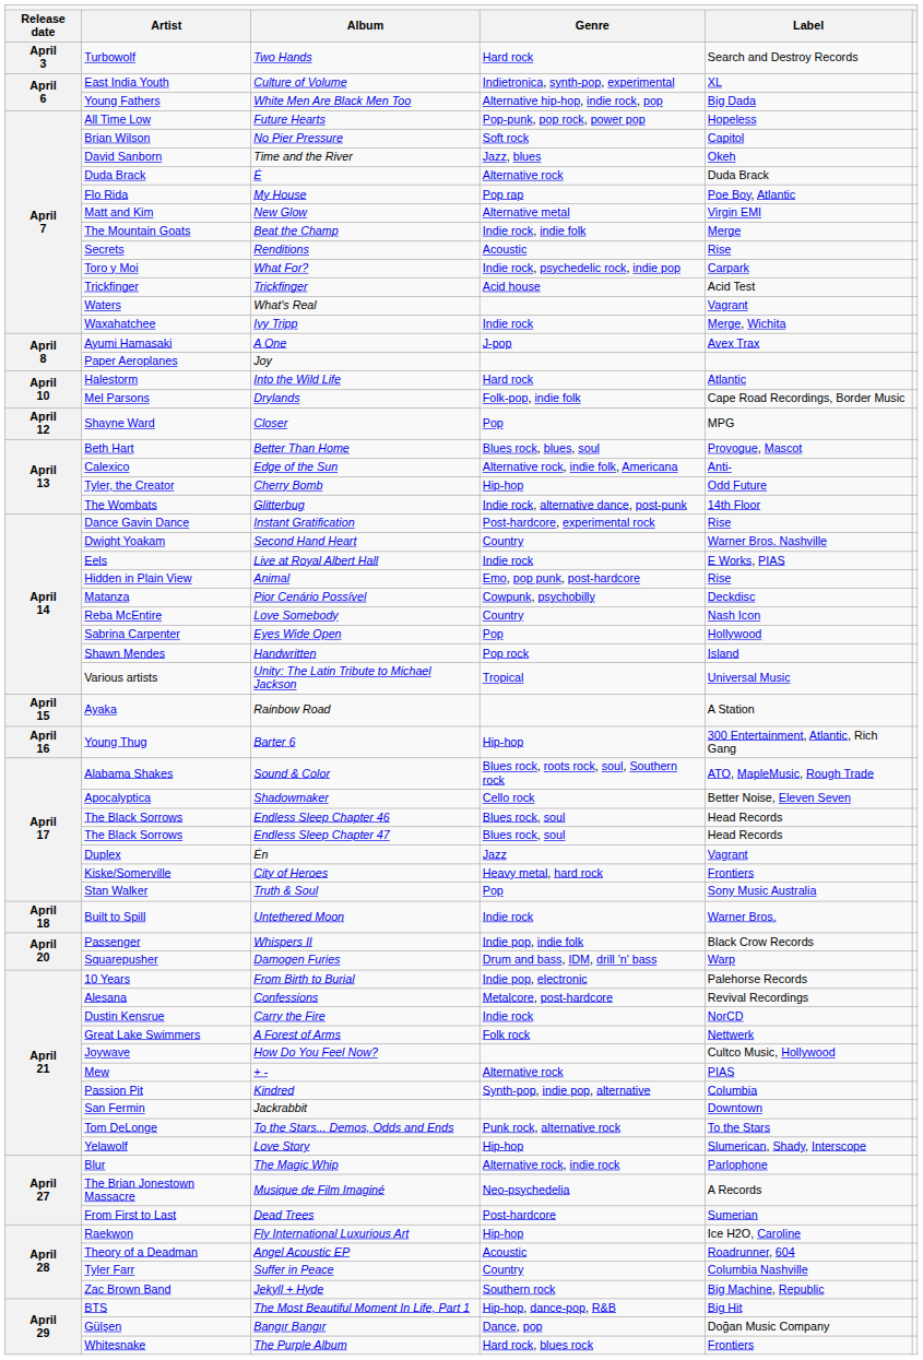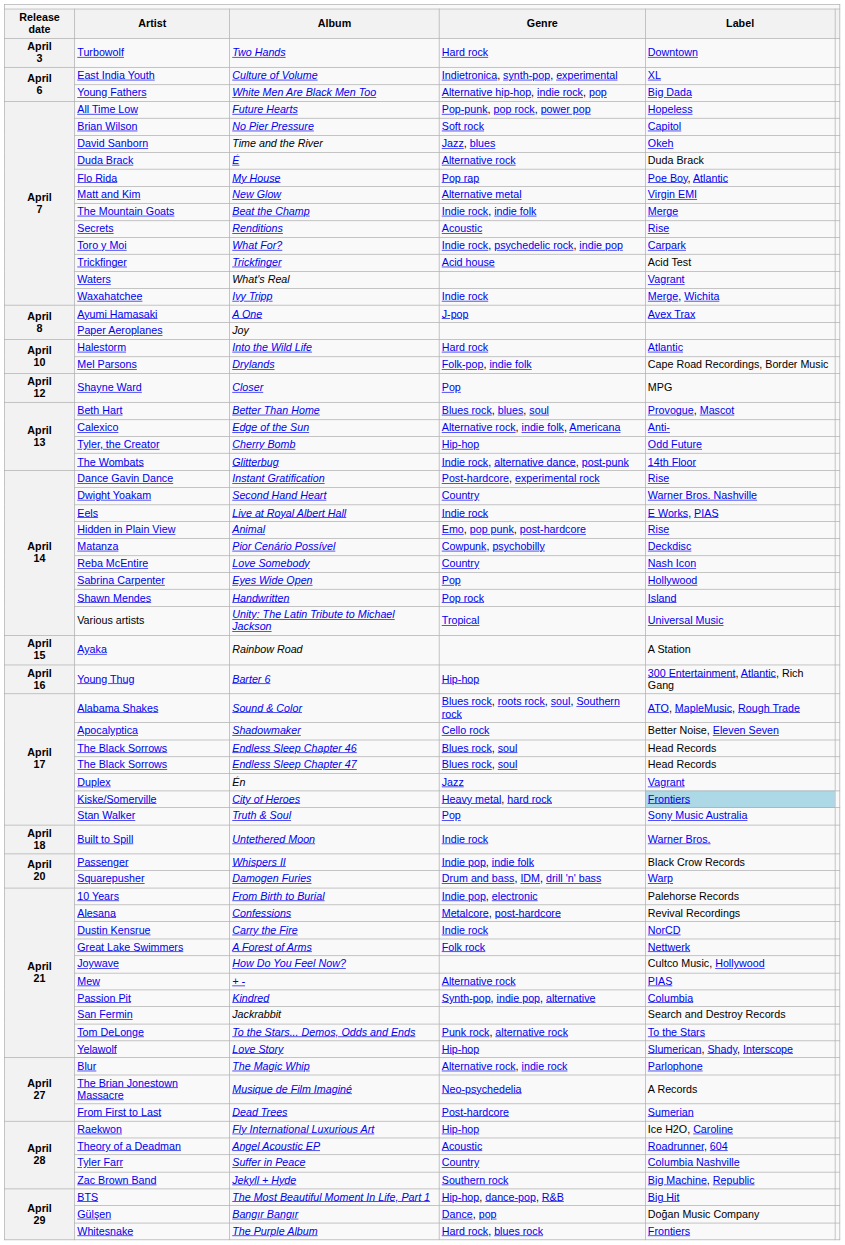 <table class="wikitable plainrowheaders">
 <tr>
 <td colspan="6" style="text-align:center;"></td>
 </tr>
 <tr>
 <th scope="col">Release date</th>
 <th scope="col">Artist</th>
 <th scope="col">Album</th>
 <th scope="col">Genre</th>
 <th scope="col">Label</th>
 <th scope="col"></th>
 </tr>
 <tr>
 <th scope="row" style="text-align:center;">April<br>3</th>
 <td><a href='#'>Turbowolf</a></td>
 <td><em><a href='#'>Two Hands</a></em></td>
 <td><a href='#'>Hard rock</a></td>
-<td>Search and Destroy Records</td>
+<td><a href='#'>Downtown</a></td>
 <td></td>
 </tr>
 <tr>
 <th scope="row" rowspan="2" style="text-align:center;">April<br>6</th>
 <td><a href='#'>East India Youth</a></td>
 <td><em><a href='#'>Culture of Volume</a></em></td>
 <td><a href='#'>Indietronica</a>, <a href='#'>synth-pop</a>, <a href='#'>experimental</a></td>
 <td><a href='#'>XL</a></td>
 <td></td>
 </tr>
 <tr>
 <td><a href='#'>Young Fathers</a></td>
 <td><em><a href='#'>White Men Are Black Men Too</a></em></td>
 <td><a href='#'>Alternative hip-hop</a>, <a href='#'>indie rock</a>, <a href='#'>pop</a></td>
 <td><a href='#'>Big Dada</a></td>
 <td></td>
 </tr>
 <tr>
 <th scope="row" rowspan="12" style="text-align:center;">April<br>7</th>
 <td><a href='#'>All Time Low</a></td>
 <td><em><a href='#'>Future Hearts</a></em></td>
 <td><a href='#'>Pop-punk</a>, <a href='#'>pop rock</a>, <a href='#'>power pop</a></td>
 <td><a href='#'>Hopeless</a></td>
 <td></td>
 </tr>
 <tr>
 <td><a href='#'>Brian Wilson</a></td>
 <td><em><a href='#'>No Pier Pressure</a></em></td>
 <td><a href='#'>Soft rock</a></td>
 <td><a href='#'>Capitol</a></td>
 <td></td>
 </tr>
 <tr>
 <td><a href='#'>David Sanborn</a></td>
 <td><em>Time and the River</em></td>
 <td><a href='#'>Jazz</a>, <a href='#'>blues</a></td>
 <td><a href='#'>Okeh</a></td>
 <td></td>
 </tr>
 <tr>
 <td><a href='#'>Duda Brack</a></td>
 <td><em><a href='#'>É</a></em></td>
 <td><a href='#'>Alternative rock</a></td>
 <td>Duda Brack</td>
 <td></td>
 </tr>
 <tr>
 <td><a href='#'>Flo Rida</a></td>
 <td><em><a href='#'>My House</a></em></td>
 <td><a href='#'>Pop rap</a></td>
 <td><a href='#'>Poe Boy</a>, <a href='#'>Atlantic</a></td>
 <td></td>
 </tr>
 <tr>
 <td><a href='#'>Matt and Kim</a></td>
 <td><em><a href='#'>New Glow</a></em></td>
 <td><a href='#'>Alternative metal</a></td>
 <td><a href='#'>Virgin EMI</a></td>
 <td></td>
 </tr>
 <tr>
 <td><a href='#'>The Mountain Goats</a></td>
 <td><em><a href='#'>Beat the Champ</a></em></td>
 <td><a href='#'>Indie rock</a>, <a href='#'>indie folk</a></td>
 <td><a href='#'>Merge</a></td>
 <td></td>
 </tr>
 <tr>
 <td><a href='#'>Secrets</a></td>
 <td><em><a href='#'>Renditions</a></em></td>
 <td><a href='#'>Acoustic</a></td>
 <td><a href='#'>Rise</a></td>
 <td></td>
 </tr>
 <tr>
 <td><a href='#'>Toro y Moi</a></td>
 <td><em><a href='#'>What For?</a></em></td>
 <td><a href='#'>Indie rock</a>, <a href='#'>psychedelic rock</a>, <a href='#'>indie pop</a></td>
 <td><a href='#'>Carpark</a></td>
 <td></td>
 </tr>
 <tr>
 <td><a href='#'>Trickfinger</a></td>
 <td><em><a href='#'>Trickfinger</a></em></td>
 <td><a href='#'>Acid house</a></td>
 <td>Acid Test</td>
 <td></td>
 </tr>
 <tr>
 <td><a href='#'>Waters</a></td>
 <td><em>What's Real</em></td>
 <td></td>
 <td><a href='#'>Vagrant</a></td>
 <td></td>
 </tr>
 <tr>
 <td><a href='#'>Waxahatchee</a></td>
 <td><em><a href='#'>Ivy Tripp</a></em></td>
 <td><a href='#'>Indie rock</a></td>
 <td><a href='#'>Merge</a>, <a href='#'>Wichita</a></td>
 <td></td>
 </tr>
 <tr>
 <th scope="row" rowspan="2" style="text-align:center;">April<br>8</th>
 <td><a href='#'>Ayumi Hamasaki</a></td>
 <td><em><a href='#'>A One</a></em></td>
 <td><a href='#'>J-pop</a></td>
 <td><a href='#'>Avex Trax</a></td>
 <td></td>
 </tr>
 <tr>
 <td><a href='#'>Paper Aeroplanes</a></td>
 <td><em>Joy</em></td>
 <td></td>
 <td></td>
 <td></td>
 </tr>
 <tr>
 <th scope="row" rowspan="2" style="text-align:center;">April<br>10</th>
 <td><a href='#'>Halestorm</a></td>
 <td><em><a href='#'>Into the Wild Life</a></em></td>
 <td><a href='#'>Hard rock</a></td>
 <td><a href='#'>Atlantic</a></td>
 <td></td>
 </tr>
 <tr>
 <td><a href='#'>Mel Parsons</a></td>
 <td><em><a href='#'>Drylands</a></em></td>
 <td><a href='#'>Folk-pop</a>, <a href='#'>indie folk</a></td>
 <td>Cape Road Recordings, Border Music</td>
 <td></td>
 </tr>
 <tr>
 <th scope="row" style="text-align:center;">April<br>12</th>
 <td><a href='#'>Shayne Ward</a></td>
 <td><em><a href='#'>Closer</a></em></td>
 <td><a href='#'>Pop</a></td>
 <td>MPG</td>
 <td></td>
 </tr>
 <tr>
 <th scope="row" rowspan="4" style="text-align:center;">April<br>13</th>
 <td><a href='#'>Beth Hart</a></td>
 <td><em><a href='#'>Better Than Home</a></em></td>
 <td><a href='#'>Blues rock</a>, <a href='#'>blues</a>, <a href='#'>soul</a></td>
 <td><a href='#'>Provogue</a>, <a href='#'>Mascot</a></td>
 <td></td>
 </tr>
 <tr>
 <td><a href='#'>Calexico</a></td>
 <td><em><a href='#'>Edge of the Sun</a></em></td>
 <td><a href='#'>Alternative rock</a>, <a href='#'>indie folk</a>, <a href='#'>Americana</a></td>
 <td><a href='#'>Anti-</a></td>
 <td></td>
 </tr>
 <tr>
 <td><a href='#'>Tyler, the Creator</a></td>
 <td><em><a href='#'>Cherry Bomb</a></em></td>
 <td><a href='#'>Hip-hop</a></td>
 <td><a href='#'>Odd Future</a></td>
 <td></td>
 </tr>
 <tr>
 <td><a href='#'>The Wombats</a></td>
 <td><em><a href='#'>Glitterbug</a></em></td>
 <td><a href='#'>Indie rock</a>, <a href='#'>alternative dance</a>, <a href='#'>post-punk</a></td>
 <td><a href='#'>14th Floor</a></td>
 <td></td>
 </tr>
 <tr>
 <th scope="row" rowspan="9" style="text-align:center;">April<br>14</th>
 <td><a href='#'>Dance Gavin Dance</a></td>
 <td><em><a href='#'>Instant Gratification</a></em></td>
 <td><a href='#'>Post-hardcore</a>, <a href='#'>experimental rock</a></td>
 <td><a href='#'>Rise</a></td>
 <td></td>
 </tr>
 <tr>
 <td><a href='#'>Dwight Yoakam</a></td>
 <td><em><a href='#'>Second Hand Heart</a></em></td>
 <td><a href='#'>Country</a></td>
 <td><a href='#'>Warner Bros. Nashville</a></td>
 <td></td>
 </tr>
 <tr>
 <td><a href='#'>Eels</a></td>
 <td><em><a href='#'>Live at Royal Albert Hall</a></em></td>
 <td><a href='#'>Indie rock</a></td>
 <td><a href='#'>E Works</a>, <a href='#'>PIAS</a></td>
 <td></td>
 </tr>
 <tr>
 <td><a href='#'>Hidden in Plain View</a></td>
 <td><em><a href='#'>Animal</a></em></td>
 <td><a href='#'>Emo</a>, <a href='#'>pop punk</a>, <a href='#'>post-hardcore</a></td>
 <td><a href='#'>Rise</a></td>
 <td></td>
 </tr>
 <tr>
 <td><a href='#'>Matanza</a></td>
 <td><em><a href='#'>Pior Cenário Possível</a></em></td>
 <td><a href='#'>Cowpunk</a>, <a href='#'>psychobilly</a></td>
 <td><a href='#'>Deckdisc</a></td>
 <td></td>
 </tr>
 <tr>
 <td><a href='#'>Reba McEntire</a></td>
 <td><em><a href='#'>Love Somebody</a></em></td>
 <td><a href='#'>Country</a></td>
 <td><a href='#'>Nash Icon</a></td>
 <td></td>
 </tr>
 <tr>
 <td><a href='#'>Sabrina Carpenter</a></td>
 <td><em><a href='#'>Eyes Wide Open</a></em></td>
 <td><a href='#'>Pop</a></td>
 <td><a href='#'>Hollywood</a></td>
 <td></td>
 </tr>
 <tr>
 <td><a href='#'>Shawn Mendes</a></td>
 <td><em><a href='#'>Handwritten</a></em></td>
 <td><a href='#'>Pop rock</a></td>
 <td><a href='#'>Island</a></td>
 <td></td>
 </tr>
 <tr>
 <td>Various artists</td>
 <td><em><a href='#'>Unity: The Latin Tribute to Michael Jackson</a></em></td>
 <td><a href='#'>Tropical</a></td>
 <td><a href='#'>Universal Music</a></td>
 <td></td>
 </tr>
 <tr>
 <th scope="row" style="text-align:center;">April<br>15</th>
 <td><a href='#'>Ayaka</a></td>
 <td><em>Rainbow Road</em></td>
 <td></td>
 <td>A Station</td>
 <td></td>
 </tr>
 <tr>
 <th scope="row" style="text-align:center;">April<br>16</th>
 <td><a href='#'>Young Thug</a></td>
 <td><em><a href='#'>Barter 6</a></em></td>
 <td><a href='#'>Hip-hop</a></td>
 <td><a href='#'>300 Entertainment</a>, <a href='#'>Atlantic</a>, Rich Gang</td>
 <td></td>
 </tr>
 <tr>
 <th scope="row" rowspan="7" style="text-align:center;">April<br>17</th>
 <td><a href='#'>Alabama Shakes</a></td>
 <td><em><a href='#'>Sound & Color</a></em></td>
 <td><a href='#'>Blues rock</a>, <a href='#'>roots rock</a>, <a href='#'>soul</a>, <a href='#'>Southern rock</a></td>
 <td><a href='#'>ATO</a>, <a href='#'>MapleMusic</a>, <a href='#'>Rough Trade</a></td>
 <td></td>
 </tr>
 <tr>
 <td><a href='#'>Apocalyptica</a></td>
 <td><em><a href='#'>Shadowmaker</a></em></td>
 <td><a href='#'>Cello rock</a></td>
 <td>Better Noise, <a href='#'>Eleven Seven</a></td>
 <td></td>
 </tr>
 <tr>
 <td><a href='#'>The Black Sorrows</a></td>
 <td><em><a href='#'>Endless Sleep Chapter 46</a></em></td>
 <td><a href='#'>Blues rock</a>, <a href='#'>soul</a></td>
 <td>Head Records</td>
 <td></td>
 </tr>
 <tr>
 <td><a href='#'>The Black Sorrows</a></td>
 <td><em><a href='#'>Endless Sleep Chapter 47</a></em></td>
 <td><a href='#'>Blues rock</a>, <a href='#'>soul</a></td>
 <td>Head Records</td>
 <td></td>
 </tr>
 <tr>
 <td><a href='#'>Duplex</a></td>
 <td><em>Én</em></td>
 <td><a href='#'>Jazz</a></td>
 <td><a href='#'>Vagrant</a></td>
 <td></td>
 </tr>
 <tr>
 <td><a href='#'>Kiske/Somerville</a></td>
 <td><em><a href='#'>City of Heroes</a></em></td>
 <td><a href='#'>Heavy metal</a>, <a href='#'>hard rock</a></td>
-<td><a href='#'>Frontiers</a></td>
+<td style="background: lightblue;"><a href='#'>Frontiers</a></td>
 <td></td>
 </tr>
 <tr>
 <td><a href='#'>Stan Walker</a></td>
 <td><em><a href='#'>Truth & Soul</a></em></td>
 <td><a href='#'>Pop</a></td>
 <td><a href='#'>Sony Music Australia</a></td>
 <td></td>
 </tr>
 <tr>
 <th scope="row" style="text-align:center;">April<br>18</th>
 <td><a href='#'>Built to Spill</a></td>
 <td><em><a href='#'>Untethered Moon</a></em></td>
 <td><a href='#'>Indie rock</a></td>
 <td><a href='#'>Warner Bros.</a></td>
 <td></td>
 </tr>
 <tr>
 <th scope="row" rowspan="2" style="text-align:center;">April<br>20</th>
 <td><a href='#'>Passenger</a></td>
 <td><em><a href='#'>Whispers II</a></em></td>
 <td><a href='#'>Indie pop</a>, <a href='#'>indie folk</a></td>
 <td>Black Crow Records</td>
 <td></td>
 </tr>
 <tr>
 <td><a href='#'>Squarepusher</a></td>
 <td><em><a href='#'>Damogen Furies</a></em></td>
 <td><a href='#'>Drum and bass</a>, <a href='#'>IDM</a>, <a href='#'>drill 'n' bass</a></td>
 <td><a href='#'>Warp</a></td>
 <td></td>
 </tr>
 <tr>
 <th scope="row" rowspan="10" style="text-align:center;">April<br>21</th>
 <td><a href='#'>10 Years</a></td>
 <td><em><a href='#'>From Birth to Burial</a></em></td>
 <td><a href='#'>Indie pop</a>, <a href='#'>electronic</a></td>
 <td>Palehorse Records</td>
 <td></td>
 </tr>
 <tr>
 <td><a href='#'>Alesana</a></td>
 <td><em><a href='#'>Confessions</a></em></td>
 <td><a href='#'>Metalcore</a>, <a href='#'>post-hardcore</a></td>
 <td>Revival Recordings</td>
 <td></td>
 </tr>
 <tr>
 <td><a href='#'>Dustin Kensrue</a></td>
 <td><em><a href='#'>Carry the Fire</a></em></td>
 <td><a href='#'>Indie rock</a></td>
 <td><a href='#'>NorCD</a></td>
 <td></td>
 </tr>
 <tr>
 <td><a href='#'>Great Lake Swimmers</a></td>
 <td><em><a href='#'>A Forest of Arms</a></em></td>
 <td><a href='#'>Folk rock</a></td>
 <td><a href='#'>Nettwerk</a></td>
 <td></td>
 </tr>
 <tr>
 <td><a href='#'>Joywave</a></td>
 <td><em><a href='#'>How Do You Feel Now?</a></em></td>
 <td></td>
 <td>Cultco Music, <a href='#'>Hollywood</a></td>
 <td></td>
 </tr>
 <tr>
 <td><a href='#'>Mew</a></td>
 <td><em><a href='#'>+ -</a></em></td>
 <td><a href='#'>Alternative rock</a></td>
 <td><a href='#'>PIAS</a></td>
 <td></td>
 </tr>
 <tr>
 <td><a href='#'>Passion Pit</a></td>
 <td><em><a href='#'>Kindred</a></em></td>
 <td><a href='#'>Synth-pop</a>, <a href='#'>indie pop</a>, <a href='#'>alternative</a></td>
 <td><a href='#'>Columbia</a></td>
 <td></td>
 </tr>
 <tr>
 <td><a href='#'>San Fermin</a></td>
 <td><em>Jackrabbit</em></td>
 <td></td>
-<td><a href='#'>Downtown</a></td>
+<td>Search and Destroy Records</td>
 <td></td>
 </tr>
 <tr>
 <td><a href='#'>Tom DeLonge</a></td>
 <td><em><a href='#'>To the Stars... Demos, Odds and Ends</a></em></td>
 <td><a href='#'>Punk rock</a>, <a href='#'>alternative rock</a></td>
 <td><a href='#'>To the Stars</a></td>
 <td></td>
 </tr>
 <tr>
 <td><a href='#'>Yelawolf</a></td>
 <td><em><a href='#'>Love Story</a></em></td>
 <td><a href='#'>Hip-hop</a></td>
 <td><a href='#'>Slumerican</a>, <a href='#'>Shady</a>, <a href='#'>Interscope</a></td>
 <td></td>
 </tr>
 <tr>
 <th scope="row" rowspan="3" style="text-align:center;">April<br>27</th>
 <td><a href='#'>Blur</a></td>
 <td><em><a href='#'>The Magic Whip</a></em></td>
 <td><a href='#'>Alternative rock</a>, <a href='#'>indie rock</a></td>
 <td><a href='#'>Parlophone</a></td>
 <td></td>
 </tr>
 <tr>
 <td><a href='#'>The Brian Jonestown Massacre</a></td>
 <td><em><a href='#'>Musique de Film Imaginé</a></em></td>
 <td><a href='#'>Neo-psychedelia</a></td>
 <td>A Records</td>
 <td></td>
 </tr>
 <tr>
 <td><a href='#'>From First to Last</a></td>
 <td><em><a href='#'>Dead Trees</a></em></td>
 <td><a href='#'>Post-hardcore</a></td>
 <td><a href='#'>Sumerian</a></td>
 <td></td>
 </tr>
 <tr>
 <th scope="row" rowspan="4" style="text-align:center;">April<br>28</th>
 <td><a href='#'>Raekwon</a></td>
 <td><em><a href='#'>Fly International Luxurious Art</a></em></td>
 <td><a href='#'>Hip-hop</a></td>
 <td>Ice H2O, <a href='#'>Caroline</a></td>
 <td></td>
 </tr>
 <tr>
 <td><a href='#'>Theory of a Deadman</a></td>
 <td><em><a href='#'>Angel Acoustic EP</a></em></td>
 <td><a href='#'>Acoustic</a></td>
 <td><a href='#'>Roadrunner</a>, <a href='#'>604</a></td>
 <td></td>
 </tr>
 <tr>
 <td><a href='#'>Tyler Farr</a></td>
 <td><em><a href='#'>Suffer in Peace</a></em></td>
 <td><a href='#'>Country</a></td>
 <td><a href='#'>Columbia Nashville</a></td>
 <td></td>
 </tr>
 <tr>
 <td><a href='#'>Zac Brown Band</a></td>
 <td><em><a href='#'>Jekyll + Hyde</a></em></td>
 <td><a href='#'>Southern rock</a></td>
 <td><a href='#'>Big Machine</a>, <a href='#'>Republic</a></td>
 <td></td>
 </tr>
 <tr>
 <th scope="row" rowspan="3" style="text-align:center;">April<br>29</th>
 <td><a href='#'>BTS</a></td>
 <td><em><a href='#'>The Most Beautiful Moment In Life, Part 1</a></em></td>
 <td><a href='#'>Hip-hop</a>, <a href='#'>dance-pop</a>, <a href='#'>R&B</a></td>
 <td><a href='#'>Big Hit</a></td>
 <td></td>
 </tr>
 <tr>
 <td><a href='#'>Gülşen</a></td>
 <td><em><a href='#'>Bangır Bangır</a></em></td>
 <td><a href='#'>Dance</a>, <a href='#'>pop</a></td>
 <td>Doğan Music Company</td>
 <td></td>
 </tr>
 <tr>
 <td><a href='#'>Whitesnake</a></td>
 <td><em><a href='#'>The Purple Album</a></em></td>
 <td><a href='#'>Hard rock</a>, <a href='#'>blues rock</a></td>
 <td><a href='#'>Frontiers</a></td>
 <td></td>
 </tr>
 </table>
